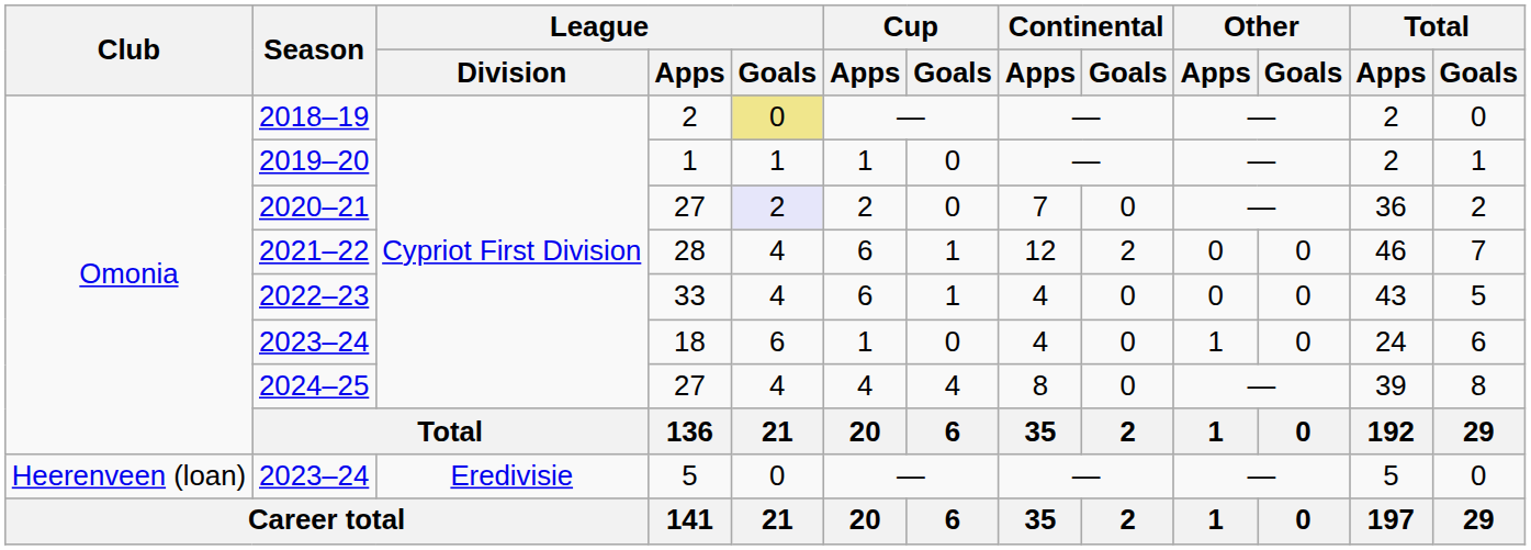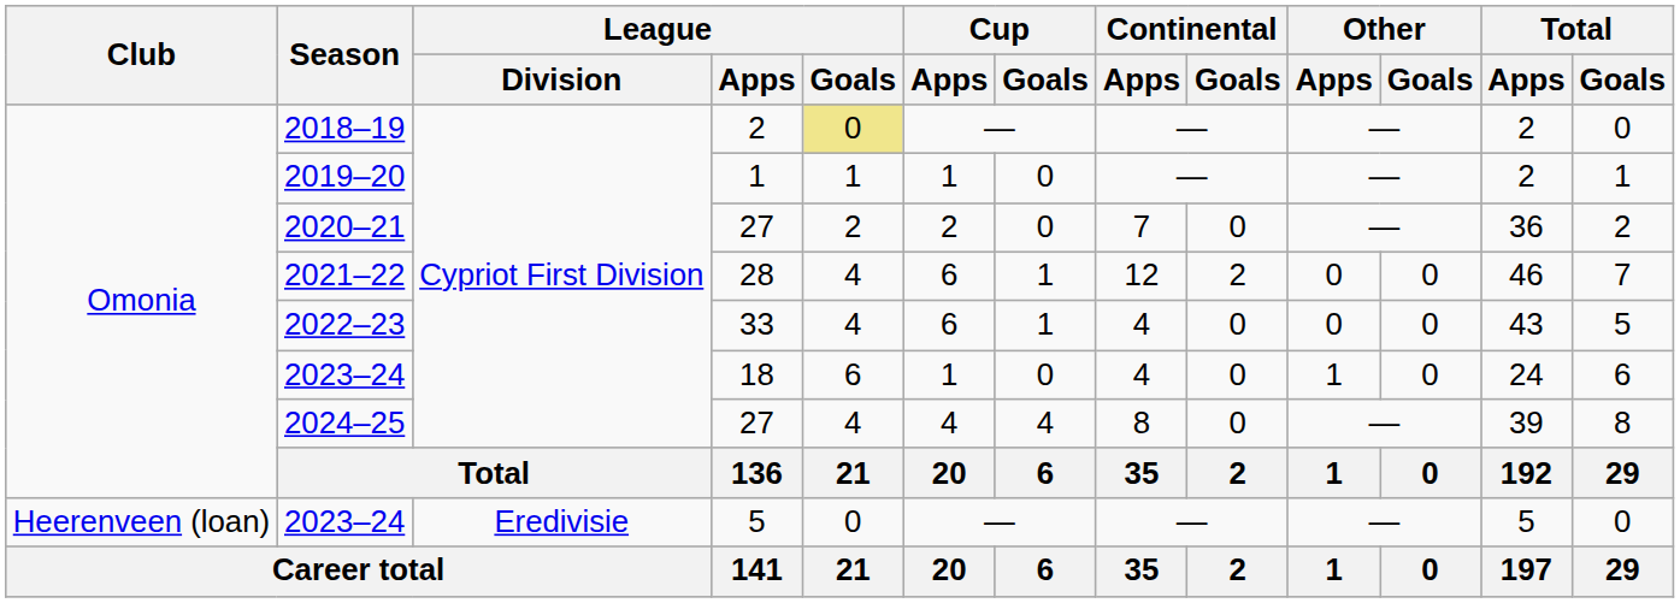 <table class="wikitable" style="text-align:center">
 <tr>
 <th rowspan="2">Club</th>
 <th rowspan="2">Season</th>
 <th colspan="3">League</th>
 <th colspan="2">Cup</th>
 <th colspan="2">Continental</th>
 <th colspan="2">Other</th>
 <th colspan="2">Total</th>
 </tr>
 <tr>
 <th>Division</th>
 <th>Apps</th>
 <th>Goals</th>
 <th>Apps</th>
 <th>Goals</th>
 <th>Apps</th>
 <th>Goals</th>
 <th>Apps</th>
 <th>Goals</th>
 <th>Apps</th>
 <th>Goals</th>
 </tr>
 <tr>
 <td rowspan="8"><a href='#'>Omonia</a></td>
 <td><a href='#'>2018–19</a></td>
 <td rowspan="7"><a href='#'>Cypriot First Division</a></td>
 <td>2</td>
 <td style="background: khaki;">0</td>
 <td colspan=2>—</td>
 <td colspan=2>—</td>
 <td colspan=2>—</td>
 <td>2</td>
 <td>0</td>
 </tr>
 <tr>
 <td><a href='#'>2019–20</a></td>
 <td>1</td>
 <td>1</td>
 <td>1</td>
 <td>0</td>
 <td colspan=2>—</td>
 <td colspan=2>—</td>
 <td>2</td>
 <td>1</td>
 </tr>
 <tr>
 <td><a href='#'>2020–21</a></td>
 <td>27</td>
-<td style="background: lavender;">2</td>
+<td>2</td>
 <td>2</td>
 <td>0</td>
 <td>7</td>
 <td>0</td>
 <td colspan=2>—</td>
 <td>36</td>
 <td>2</td>
 </tr>
 <tr>
 <td><a href='#'>2021–22</a></td>
 <td>28</td>
 <td>4</td>
 <td>6</td>
 <td>1</td>
 <td>12</td>
 <td>2</td>
 <td>0</td>
 <td>0</td>
 <td>46</td>
 <td>7</td>
 </tr>
 <tr>
 <td><a href='#'>2022–23</a></td>
 <td>33</td>
 <td>4</td>
 <td>6</td>
 <td>1</td>
 <td>4</td>
 <td>0</td>
 <td>0</td>
 <td>0</td>
 <td>43</td>
 <td>5</td>
 </tr>
 <tr>
 <td><a href='#'>2023–24</a></td>
 <td>18</td>
 <td>6</td>
 <td>1</td>
 <td>0</td>
 <td>4</td>
 <td>0</td>
 <td>1</td>
 <td>0</td>
 <td>24</td>
 <td>6</td>
 </tr>
 <tr>
 <td><a href='#'>2024–25</a></td>
 <td>27</td>
 <td>4</td>
 <td>4</td>
 <td>4</td>
 <td>8</td>
 <td>0</td>
 <td colspan=2>—</td>
 <td>39</td>
 <td>8</td>
 </tr>
 <tr>
 <th colspan="2">Total</th>
 <th>136</th>
 <th>21</th>
 <th>20</th>
 <th>6</th>
 <th>35</th>
 <th>2</th>
 <th>1</th>
 <th>0</th>
 <th>192</th>
 <th>29</th>
 </tr>
 <tr>
 <td><a href='#'>Heerenveen</a> (loan)</td>
 <td><a href='#'>2023–24</a></td>
 <td rowspan="1" valign="center"><a href='#'>Eredivisie</a></td>
 <td>5</td>
 <td>0</td>
 <td colspan="2">—</td>
 <td colspan="2">—</td>
 <td colspan="2">—</td>
 <td>5</td>
 <td>0</td>
 </tr>
 <tr>
 <th colspan="3">Career total</th>
 <th>141</th>
 <th>21</th>
 <th>20</th>
 <th>6</th>
 <th>35</th>
 <th>2</th>
 <th>1</th>
 <th>0</th>
 <th>197</th>
 <th>29</th>
 </tr>
 </table>
